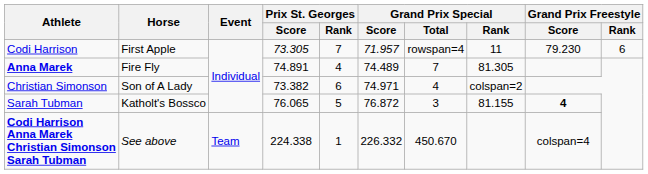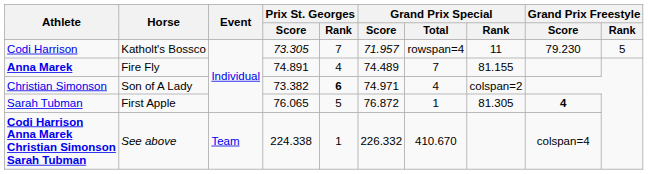 <table class=wikitable style=font-size:90%;text-align:center>
 <tr>
 <th rowspan=2>Athlete</th>
 <th rowspan=2>Horse</th>
 <th rowspan=2>Event</th>
 <th colspan=2>Prix St. Georges</th>
 <th colspan=3>Grand Prix Special</th>
 <th colspan=4>Grand Prix Freestyle</th>
 </tr>
 <tr style=font-size:95%>
 <th>Score</th>
 <th>Rank</th>
 <th>Score</th>
 <th>Total</th>
 <th>Rank</th>
 <th>Score</th>
 <th>Rank</th>
 </tr>
 <tr>
 <td align=left><a href='#'>Codi Harrison</a></td>
-<td align=left>First Apple</td>
+<td align=left>Katholt's Bossco</td>
 <td align=left rowspan=4><a href='#'>Individual</a></td>
 <td><em>73.305</em></td>
 <td>7</td>
 <td><em>71.957</em></td>
 <td>rowspan=4 </td>
 <td>11</td>
 <td>79.230</td>
-<td>6</td>
+<td>5</td>
 </tr>
 <tr>
 <td align=left><strong><a href='#'>Anna Marek</a></strong></td>
 <td align=left>Fire Fly</td>
 <td>74.891</td>
 <td>4</td>
 <td>74.489</td>
 <td>7</td>
-<td>81.305</td>
+<td>81.155</td>
 <td></td>
 </tr>
 <tr>
 <td align=left><a href='#'>Christian Simonson</a></td>
 <td align=left>Son of A Lady</td>
 <td>73.382</td>
-<td>6</td>
+<td><strong>6</strong></td>
 <td>74.971</td>
 <td>4</td>
 <td>colspan=2 </td>
 </tr>
 <tr>
 <td align=left><a href='#'>Sarah Tubman</a></td>
-<td align=left>Katholt's Bossco</td>
+<td align=left>First Apple</td>
 <td>76.065</td>
 <td>5</td>
 <td>76.872</td>
-<td>3</td>
-<td>81.155</td>
+<td>1</td>
+<td>81.305</td>
 <td><strong>4</strong></td>
 </tr>
 <tr>
 <td align=left><strong><a href='#'>Codi Harrison</a><br><a href='#'>Anna Marek</a><br><a href='#'>Christian Simonson</a><br><a href='#'>Sarah Tubman</a></strong></td>
 <td align=left><em>See above</em></td>
 <td align=left><a href='#'>Team</a></td>
 <td>224.338</td>
 <td>1</td>
 <td>226.332</td>
-<td>450.670</td>
+<td>410.670</td>
 <td></td>
 <td>colspan=4 </td>
 </tr>
 </table>
